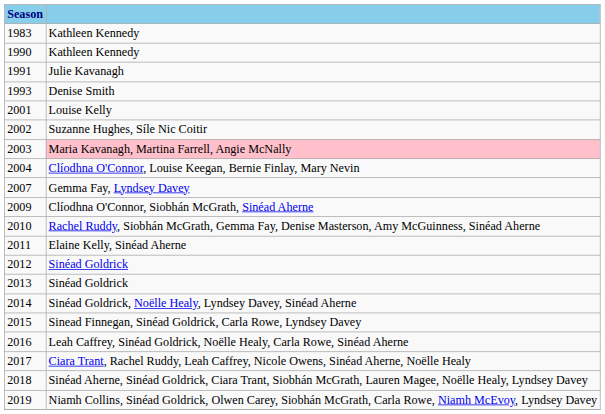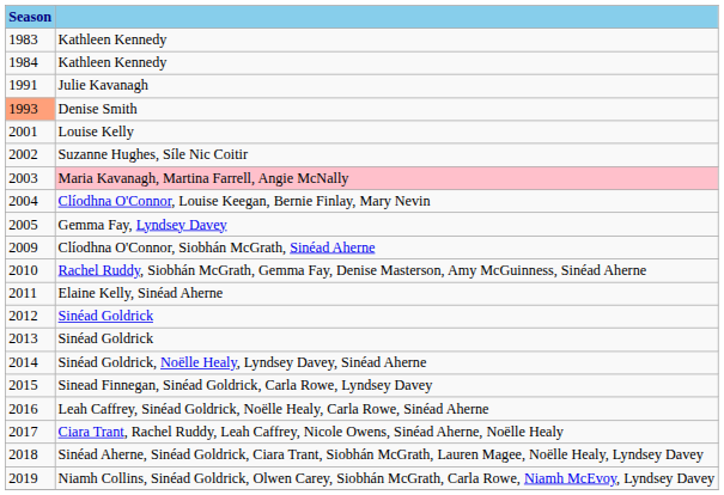 <table class="wikitable collapsible mw-collapsed">
 <tr>
 <th style="background:skyblue;color:navy">Season</th>
 <th style="background:skyblue;color:navy"></th>
 </tr>
 <tr>
 <td>1983</td>
 <td>Kathleen Kennedy</td>
 </tr>
 <tr>
-<td>1990</td>
+<td>1984</td>
 <td>Kathleen Kennedy</td>
 </tr>
 <tr>
 <td>1991</td>
 <td>Julie Kavanagh</td>
 </tr>
 <tr>
-<td>1993</td>
+<td style="background: lightsalmon;">1993</td>
 <td>Denise Smith</td>
 </tr>
 <tr>
 <td>2001</td>
 <td>Louise Kelly</td>
 </tr>
 <tr>
 <td>2002</td>
 <td>Suzanne Hughes, Síle Nic Coitir</td>
 </tr>
 <tr>
 <td>2003</td>
 <td style="background: pink;">Maria Kavanagh, Martina Farrell, Angie McNally</td>
 </tr>
 <tr>
 <td>2004</td>
 <td><a href='#'>Clíodhna O'Connor</a>, Louise Keegan, Bernie Finlay, Mary Nevin</td>
 </tr>
 <tr>
-<td>2007</td>
+<td>2005</td>
 <td>Gemma Fay, <a href='#'>Lyndsey Davey</a></td>
 </tr>
 <tr>
 <td>2009</td>
 <td>Clíodhna O'Connor, Siobhán McGrath,  <a href='#'>Sinéad Aherne</a></td>
 </tr>
 <tr>
 <td>2010</td>
 <td><a href='#'>Rachel Ruddy</a>, Siobhán McGrath, Gemma Fay, Denise Masterson, Amy McGuinness, Sinéad Aherne</td>
 </tr>
 <tr>
 <td>2011</td>
 <td>Elaine Kelly, Sinéad Aherne</td>
 </tr>
 <tr>
 <td>2012</td>
 <td><a href='#'>Sinéad Goldrick</a></td>
 </tr>
 <tr>
 <td>2013</td>
 <td>Sinéad Goldrick</td>
 </tr>
 <tr>
 <td>2014</td>
 <td>Sinéad Goldrick, <a href='#'>Noëlle Healy</a>, Lyndsey Davey, Sinéad Aherne</td>
 </tr>
 <tr>
 <td>2015</td>
 <td>Sinead Finnegan, Sinéad Goldrick, Carla Rowe, Lyndsey Davey</td>
 </tr>
 <tr>
 <td>2016</td>
 <td>Leah Caffrey, Sinéad Goldrick, Noëlle Healy, Carla Rowe, Sinéad Aherne</td>
 </tr>
 <tr>
 <td>2017</td>
 <td><a href='#'>Ciara Trant</a>, Rachel Ruddy, Leah Caffrey, Nicole Owens, Sinéad Aherne, Noëlle Healy</td>
 </tr>
 <tr>
 <td>2018</td>
 <td>Sinéad Aherne, Sinéad Goldrick, Ciara Trant, Siobhán McGrath, Lauren Magee, Noëlle Healy, Lyndsey Davey</td>
 </tr>
 <tr>
 <td>2019</td>
 <td>Niamh Collins, Sinéad Goldrick, Olwen Carey, Siobhán McGrath, Carla Rowe, <a href='#'>Niamh McEvoy</a>, Lyndsey Davey</td>
 </tr>
 <tr>
 </tr>
 </table>
